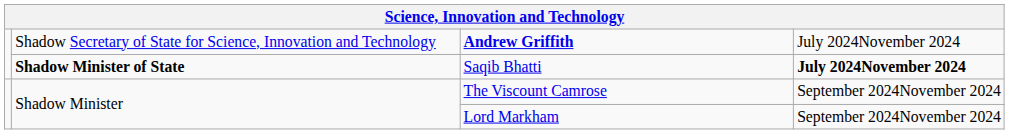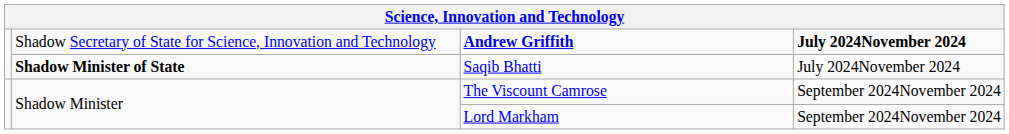 <table class="wikitable">
 <tr>
 <th colspan="5"><a href='#'>Science, Innovation and Technology</a></th>
 </tr>
 <tr>
 <td rowspan="2" style="background: "></td>
 <td style="width: 450px;">Shadow <a href='#'>Secretary of State for Science, Innovation and Technology</a></td>
 <td style="width: 333px;"><strong><a href='#'>Andrew Griffith</a></strong></td>
-<td>July 2024November 2024</td>
+<td><strong>July 2024November 2024</strong></td>
 </tr>
 <tr>
 <td><strong>Shadow Minister of State</strong></td>
 <td><a href='#'>Saqib Bhatti</a><br></td>
-<td><strong>July 2024November 2024</strong></td>
+<td>July 2024November 2024</td>
 </tr>
 <tr>
 <td rowspan="2" style="background: "></td>
 <td rowspan="2">Shadow Minister</td>
 <td><a href='#'>The Viscount Camrose</a></td>
 <td>September 2024November 2024</td>
 </tr>
 <tr>
 <td><a href='#'>Lord Markham</a></td>
 <td>September 2024November 2024</td>
 </tr>
 </table>
